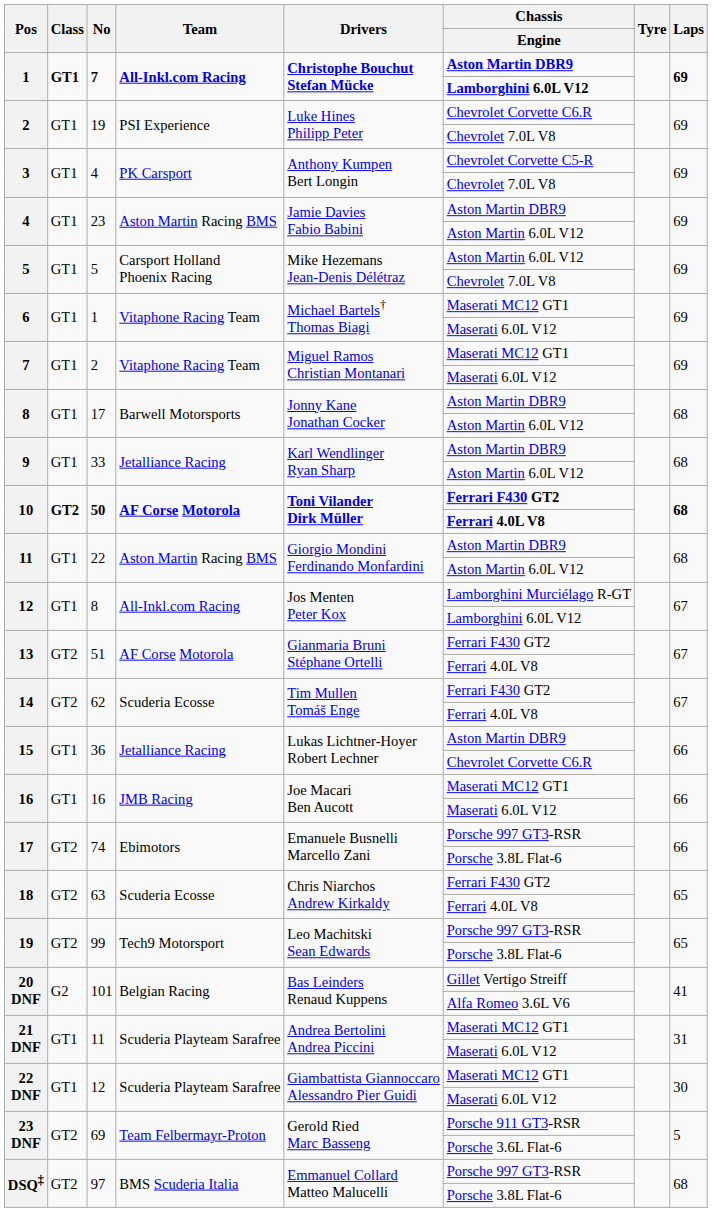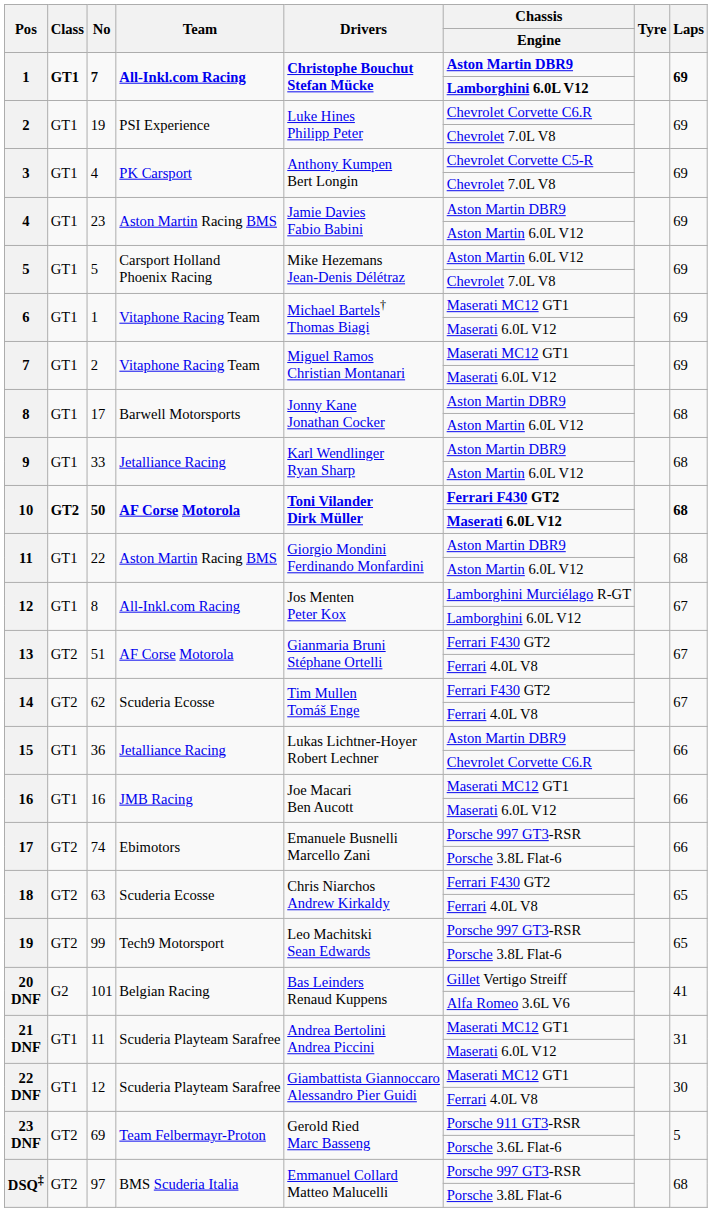 <table class="wikitable" style="font-size: 95%;">
 <tr>
 <th rowspan=2>Pos</th>
 <th rowspan=2>Class</th>
 <th rowspan=2>No</th>
 <th rowspan=2>Team</th>
 <th rowspan=2>Drivers</th>
 <th>Chassis</th>
 <th rowspan=2>Tyre</th>
 <th rowspan=2>Laps</th>
 </tr>
 <tr>
 <th>Engine</th>
 </tr>
 <tr style="font-weight:bold">
 <th rowspan=2>1</th>
 <td rowspan=2>GT1</td>
 <td rowspan=2>7</td>
 <td rowspan=2> <a href='#'>All-Inkl.com Racing</a></td>
 <td rowspan=2> <a href='#'>Christophe Bouchut</a><br> <a href='#'>Stefan Mücke</a></td>
 <td><a href='#'>Aston Martin DBR9</a></td>
 <td rowspan=2></td>
 <td rowspan=2>69</td>
 </tr>
 <tr style="font-weight:bold">
 <td><a href='#'>Lamborghini</a> 6.0L V12</td>
 </tr>
 <tr>
 <th rowspan=2>2</th>
 <td rowspan=2>GT1</td>
 <td rowspan=2>19</td>
 <td rowspan=2> PSI Experience</td>
 <td rowspan=2> <a href='#'>Luke Hines</a><br> <a href='#'>Philipp Peter</a></td>
 <td><a href='#'>Chevrolet Corvette C6.R</a></td>
 <td rowspan=2></td>
 <td rowspan=2>69</td>
 </tr>
 <tr>
 <td><a href='#'>Chevrolet</a> 7.0L V8</td>
 </tr>
 <tr>
 <th rowspan=2>3</th>
 <td rowspan=2>GT1</td>
 <td rowspan=2>4</td>
 <td rowspan=2> <a href='#'>PK Carsport</a></td>
 <td rowspan=2> <a href='#'>Anthony Kumpen</a><br> Bert Longin</td>
 <td><a href='#'>Chevrolet Corvette C5-R</a></td>
 <td rowspan=2></td>
 <td rowspan=2>69</td>
 </tr>
 <tr>
 <td><a href='#'>Chevrolet</a> 7.0L V8</td>
 </tr>
 <tr>
 <th rowspan=2>4</th>
 <td rowspan=2>GT1</td>
 <td rowspan=2>23</td>
 <td rowspan=2> <a href='#'>Aston Martin</a> Racing <a href='#'>BMS</a></td>
 <td rowspan=2> <a href='#'>Jamie Davies</a><br> <a href='#'>Fabio Babini</a></td>
 <td><a href='#'>Aston Martin DBR9</a></td>
 <td rowspan=2></td>
 <td rowspan=2>69</td>
 </tr>
 <tr>
 <td><a href='#'>Aston Martin</a> 6.0L V12</td>
 </tr>
 <tr>
 <th rowspan=2>5</th>
 <td rowspan=2>GT1</td>
 <td rowspan=2>5</td>
 <td rowspan=2> Carsport Holland<br> Phoenix Racing</td>
 <td rowspan=2> Mike Hezemans<br> <a href='#'>Jean-Denis Délétraz</a></td>
 <td><a href='#'>Aston Martin</a> 6.0L V12</td>
 <td rowspan=2></td>
 <td rowspan=2>69</td>
 </tr>
 <tr>
 <td><a href='#'>Chevrolet</a> 7.0L V8</td>
 </tr>
 <tr>
 <th rowspan=2>6</th>
 <td rowspan=2>GT1</td>
 <td rowspan=2>1</td>
 <td rowspan=2> <a href='#'>Vitaphone Racing</a> Team</td>
 <td rowspan=2> <a href='#'>Michael Bartels</a><sup>†</sup><br> <a href='#'>Thomas Biagi</a></td>
 <td><a href='#'>Maserati MC12</a> GT1</td>
 <td rowspan=2></td>
 <td rowspan=2>69</td>
 </tr>
 <tr>
 <td><a href='#'>Maserati</a> 6.0L V12</td>
 </tr>
 <tr>
 <th rowspan=2>7</th>
 <td rowspan=2>GT1</td>
 <td rowspan=2>2</td>
 <td rowspan=2> <a href='#'>Vitaphone Racing</a> Team</td>
 <td rowspan=2> <a href='#'>Miguel Ramos</a><br> <a href='#'>Christian Montanari</a></td>
 <td><a href='#'>Maserati MC12</a> GT1</td>
 <td rowspan=2></td>
 <td rowspan=2>69</td>
 </tr>
 <tr>
 <td><a href='#'>Maserati</a> 6.0L V12</td>
 </tr>
 <tr>
 <th rowspan=2>8</th>
 <td rowspan=2>GT1</td>
 <td rowspan=2>17</td>
 <td rowspan=2> Barwell Motorsports</td>
 <td rowspan=2> <a href='#'>Jonny Kane</a><br> <a href='#'>Jonathan Cocker</a></td>
 <td><a href='#'>Aston Martin DBR9</a></td>
 <td rowspan=2></td>
 <td rowspan=2>68</td>
 </tr>
 <tr>
 <td><a href='#'>Aston Martin</a> 6.0L V12</td>
 </tr>
 <tr>
 <th rowspan=2>9</th>
 <td rowspan=2>GT1</td>
 <td rowspan=2>33</td>
 <td rowspan=2> <a href='#'>Jetalliance Racing</a></td>
 <td rowspan=2> <a href='#'>Karl Wendlinger</a><br> <a href='#'>Ryan Sharp</a></td>
 <td><a href='#'>Aston Martin DBR9</a></td>
 <td rowspan=2></td>
 <td rowspan=2>68</td>
 </tr>
 <tr>
 <td><a href='#'>Aston Martin</a> 6.0L V12</td>
 </tr>
 <tr style="font-weight:bold">
 <th rowspan=2>10</th>
 <td rowspan=2>GT2</td>
 <td rowspan=2>50</td>
 <td rowspan=2> <a href='#'>AF Corse</a> <a href='#'>Motorola</a></td>
 <td rowspan=2> <a href='#'>Toni Vilander</a><br> <a href='#'>Dirk Müller</a></td>
 <td><a href='#'>Ferrari F430</a> GT2</td>
 <td rowspan=2></td>
 <td rowspan=2>68</td>
 </tr>
 <tr style="font-weight:bold">
-<td><a href='#'>Ferrari</a> 4.0L V8</td>
+<td><a href='#'>Maserati</a> 6.0L V12</td>
 </tr>
 <tr>
 <th rowspan=2>11</th>
 <td rowspan=2>GT1</td>
 <td rowspan=2>22</td>
 <td rowspan=2> <a href='#'>Aston Martin</a> Racing <a href='#'>BMS</a></td>
 <td rowspan=2> <a href='#'>Giorgio Mondini</a><br> <a href='#'>Ferdinando Monfardini</a></td>
 <td><a href='#'>Aston Martin DBR9</a></td>
 <td rowspan=2></td>
 <td rowspan=2>68</td>
 </tr>
 <tr>
 <td><a href='#'>Aston Martin</a> 6.0L V12</td>
 </tr>
 <tr>
 <th rowspan=2>12</th>
 <td rowspan=2>GT1</td>
 <td rowspan=2>8</td>
 <td rowspan=2> <a href='#'>All-Inkl.com Racing</a></td>
 <td rowspan=2> Jos Menten<br> <a href='#'>Peter Kox</a></td>
 <td><a href='#'>Lamborghini Murciélago</a> R-GT</td>
 <td rowspan=2></td>
 <td rowspan=2>67</td>
 </tr>
 <tr>
 <td><a href='#'>Lamborghini</a> 6.0L V12</td>
 </tr>
 <tr>
 <th rowspan=2>13</th>
 <td rowspan=2>GT2</td>
 <td rowspan=2>51</td>
 <td rowspan=2> <a href='#'>AF Corse</a> <a href='#'>Motorola</a></td>
 <td rowspan=2> <a href='#'>Gianmaria Bruni</a><br> <a href='#'>Stéphane Ortelli</a></td>
 <td><a href='#'>Ferrari F430</a> GT2</td>
 <td rowspan=2></td>
 <td rowspan=2>67</td>
 </tr>
 <tr>
 <td><a href='#'>Ferrari</a> 4.0L V8</td>
 </tr>
 <tr>
 <th rowspan=2>14</th>
 <td rowspan=2>GT2</td>
 <td rowspan=2>62</td>
 <td rowspan=2> Scuderia Ecosse</td>
 <td rowspan=2> <a href='#'>Tim Mullen</a><br> <a href='#'>Tomáš Enge</a></td>
 <td><a href='#'>Ferrari F430</a> GT2</td>
 <td rowspan=2></td>
 <td rowspan=2>67</td>
 </tr>
 <tr>
 <td><a href='#'>Ferrari</a> 4.0L V8</td>
 </tr>
 <tr>
 <th rowspan=2>15</th>
 <td rowspan=2>GT1</td>
 <td rowspan=2>36</td>
 <td rowspan=2> <a href='#'>Jetalliance Racing</a></td>
 <td rowspan=2> Lukas Lichtner-Hoyer<br> Robert Lechner</td>
 <td><a href='#'>Aston Martin DBR9</a></td>
 <td rowspan=2></td>
 <td rowspan=2>66</td>
 </tr>
 <tr>
 <td><a href='#'>Chevrolet Corvette C6.R</a></td>
 </tr>
 <tr>
 <th rowspan=2>16</th>
 <td rowspan=2>GT1</td>
 <td rowspan=2>16</td>
 <td rowspan=2> <a href='#'>JMB Racing</a></td>
 <td rowspan=2> Joe Macari<br> Ben Aucott</td>
 <td><a href='#'>Maserati MC12</a> GT1</td>
 <td rowspan=2></td>
 <td rowspan=2>66</td>
 </tr>
 <tr>
 <td><a href='#'>Maserati</a> 6.0L V12</td>
 </tr>
 <tr>
 <th rowspan=2>17</th>
 <td rowspan=2>GT2</td>
 <td rowspan=2>74</td>
 <td rowspan=2> Ebimotors</td>
 <td rowspan=2> Emanuele Busnelli<br> Marcello Zani</td>
 <td><a href='#'>Porsche 997 GT3</a>-RSR</td>
 <td rowspan=2></td>
 <td rowspan=2>66</td>
 </tr>
 <tr>
 <td><a href='#'>Porsche</a> 3.8L Flat-6</td>
 </tr>
 <tr>
 <th rowspan=2>18</th>
 <td rowspan=2>GT2</td>
 <td rowspan=2>63</td>
 <td rowspan=2> Scuderia Ecosse</td>
 <td rowspan=2> Chris Niarchos<br> <a href='#'>Andrew Kirkaldy</a></td>
 <td><a href='#'>Ferrari F430</a> GT2</td>
 <td rowspan=2></td>
 <td rowspan=2>65</td>
 </tr>
 <tr>
 <td><a href='#'>Ferrari</a> 4.0L V8</td>
 </tr>
 <tr>
 <th rowspan=2>19</th>
 <td rowspan=2>GT2</td>
 <td rowspan=2>99</td>
 <td rowspan=2> Tech9 Motorsport</td>
 <td rowspan=2> Leo Machitski<br> <a href='#'>Sean Edwards</a></td>
 <td><a href='#'>Porsche 997 GT3</a>-RSR</td>
 <td rowspan=2></td>
 <td rowspan=2>65</td>
 </tr>
 <tr>
 <td><a href='#'>Porsche</a> 3.8L Flat-6</td>
 </tr>
 <tr>
 <th rowspan=2>20<br>DNF</th>
 <td rowspan=2>G2</td>
 <td rowspan=2>101</td>
 <td rowspan=2> Belgian Racing</td>
 <td rowspan=2> <a href='#'>Bas Leinders</a><br> Renaud Kuppens</td>
 <td><a href='#'>Gillet</a> Vertigo Streiff</td>
 <td rowspan=2></td>
 <td rowspan=2>41</td>
 </tr>
 <tr>
 <td><a href='#'>Alfa Romeo</a> 3.6L V6</td>
 </tr>
 <tr>
 <th rowspan=2>21<br>DNF</th>
 <td rowspan=2>GT1</td>
 <td rowspan=2>11</td>
 <td rowspan=2> Scuderia Playteam Sarafree</td>
 <td rowspan=2> <a href='#'>Andrea Bertolini</a><br> <a href='#'>Andrea Piccini</a></td>
 <td><a href='#'>Maserati MC12</a> GT1</td>
 <td rowspan=2></td>
 <td rowspan=2>31</td>
 </tr>
 <tr>
 <td><a href='#'>Maserati</a> 6.0L V12</td>
 </tr>
 <tr>
 <th rowspan=2>22<br>DNF</th>
 <td rowspan=2>GT1</td>
 <td rowspan=2>12</td>
 <td rowspan=2> Scuderia Playteam Sarafree</td>
 <td rowspan=2> <a href='#'>Giambattista Giannoccaro</a><br> <a href='#'>Alessandro Pier Guidi</a></td>
 <td><a href='#'>Maserati MC12</a> GT1</td>
 <td rowspan=2></td>
 <td rowspan=2>30</td>
 </tr>
 <tr>
-<td><a href='#'>Maserati</a> 6.0L V12</td>
+<td><a href='#'>Ferrari</a> 4.0L V8</td>
 </tr>
 <tr>
 <th rowspan=2>23<br>DNF</th>
 <td rowspan=2>GT2</td>
 <td rowspan=2>69</td>
 <td rowspan=2> <a href='#'>Team Felbermayr-Proton</a></td>
 <td rowspan=2> Gerold Ried<br> <a href='#'>Marc Basseng</a></td>
 <td><a href='#'>Porsche 911 GT3</a>-RSR</td>
 <td rowspan=2></td>
 <td rowspan=2>5</td>
 </tr>
 <tr>
 <td><a href='#'>Porsche</a> 3.6L Flat-6</td>
 </tr>
 <tr>
 <th rowspan=2>DSQ<sup>‡</sup></th>
 <td rowspan=2>GT2</td>
 <td rowspan=2>97</td>
 <td rowspan=2> BMS <a href='#'>Scuderia Italia</a></td>
 <td rowspan=2> <a href='#'>Emmanuel Collard</a><br> Matteo Malucelli</td>
 <td><a href='#'>Porsche 997 GT3</a>-RSR</td>
 <td rowspan=2></td>
 <td rowspan=2>68</td>
 </tr>
 <tr>
 <td><a href='#'>Porsche</a> 3.8L Flat-6</td>
 </tr>
 </table>
